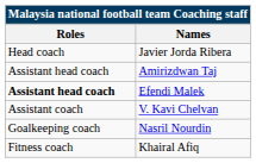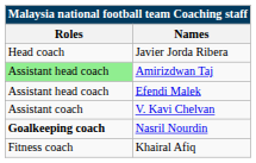 <table class="wikitable"  style="text-align: left;">
 <tr>
 <th colspan=5 style="background: #013A5E; color: #FFFFFF;">Malaysia national football team Coaching staff</th>
 </tr>
 <tr>
 <th>Roles</th>
 <th>Names</th>
 </tr>
 <tr>
 <td>Head coach</td>
 <td> Javier Jorda Ribera</td>
 </tr>
 <tr>
-<td>Assistant head coach</td>
+<td style="background: lightgreen;">Assistant head coach</td>
 <td> <a href='#'>Amirizdwan Taj</a></td>
 </tr>
 <tr>
-<td><strong>Assistant head coach</strong></td>
+<td>Assistant head coach</td>
 <td> <a href='#'>Efendi Malek</a></td>
 </tr>
 <tr>
 <td>Assistant coach</td>
 <td> <a href='#'>V. Kavi Chelvan</a></td>
 </tr>
 <tr>
-<td>Goalkeeping coach</td>
+<td><strong>Goalkeeping coach</strong></td>
 <td> <a href='#'>Nasril Nourdin</a></td>
 </tr>
 <tr>
 <td>Fitness coach</td>
 <td> Khairal Afiq</td>
 </tr>
 </table>
